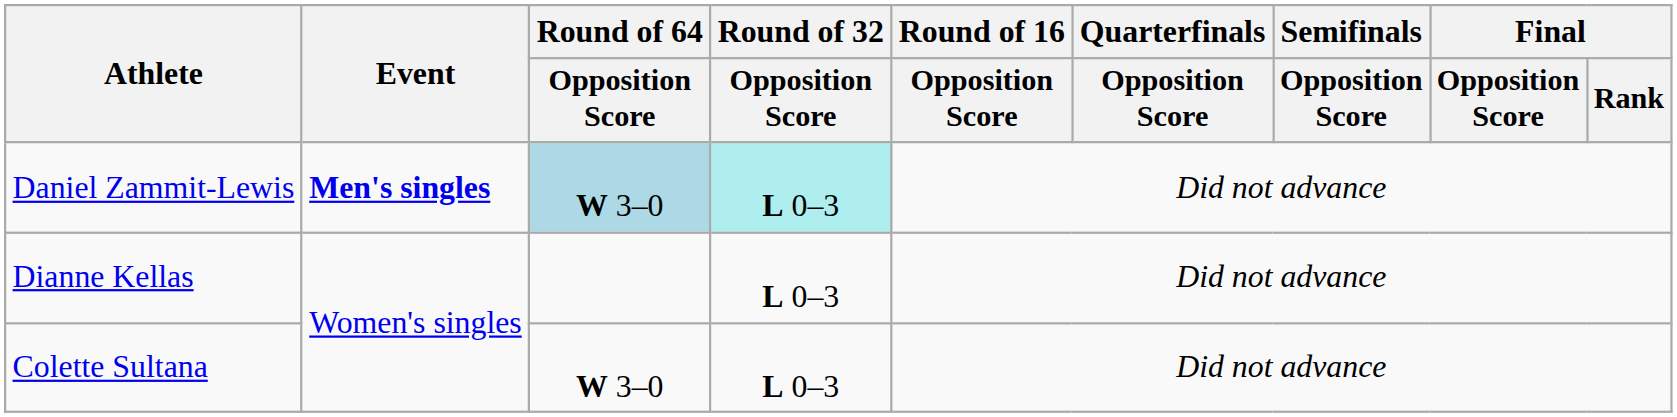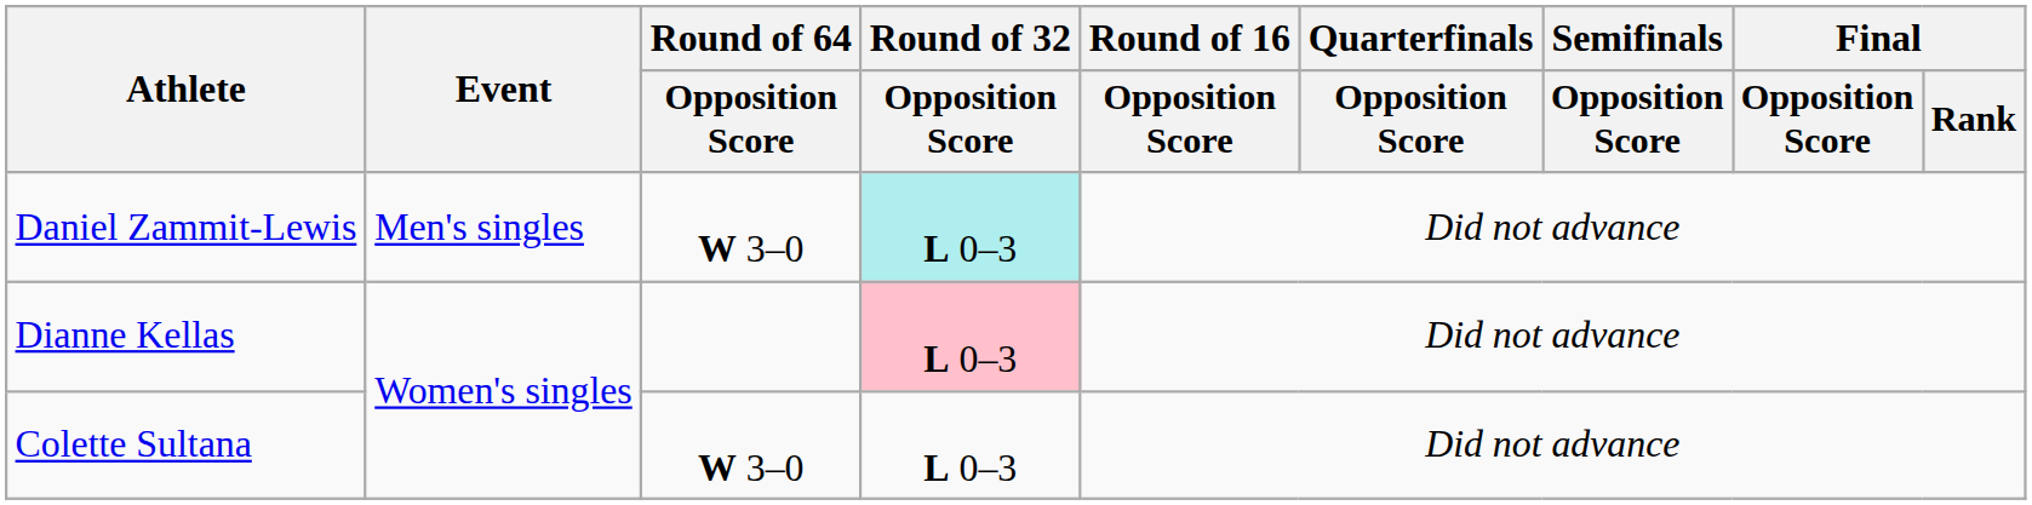 <table class=wikitable style="font-size:90%">
 <tr>
 <th rowspan=2>Athlete</th>
 <th rowspan=2>Event</th>
 <th>Round of 64</th>
 <th>Round of 32</th>
 <th>Round of 16</th>
 <th>Quarterfinals</th>
 <th>Semifinals</th>
 <th colspan=2>Final</th>
 </tr>
 <tr style="font-size:95%">
 <th>Opposition<br>Score</th>
 <th>Opposition<br>Score</th>
 <th>Opposition<br>Score</th>
 <th>Opposition<br>Score</th>
 <th>Opposition<br>Score</th>
 <th>Opposition<br>Score</th>
 <th>Rank</th>
 </tr>
 <tr align=center>
 <td align=left><a href='#'>Daniel Zammit-Lewis</a></td>
-<td align=left><strong><a href='#'>Men's singles</a></strong></td>
-<td style="background: lightblue;"><br><strong>W</strong> 3–0</td>
+<td align=left><a href='#'>Men's singles</a></td>
+<td><br><strong>W</strong> 3–0</td>
 <td style="background: paleturquoise;"><br><strong>L</strong> 0–3</td>
 <td Colspan=5><em>Did not advance</em></td>
 </tr>
 <tr align=center>
 <td align=left><a href='#'>Dianne Kellas</a></td>
 <td align=left rowspan=2><a href='#'>Women's singles</a></td>
 <td></td>
-<td><br><strong>L</strong> 0–3</td>
+<td style="background: pink;"><br><strong>L</strong> 0–3</td>
 <td Colspan=5><em>Did not advance</em></td>
 </tr>
 <tr align=center>
 <td align=left><a href='#'>Colette Sultana</a></td>
 <td><br><strong>W</strong> 3–0</td>
 <td><br><strong>L</strong> 0–3</td>
 <td Colspan=5><em>Did not advance</em></td>
 </tr>
 </table>
